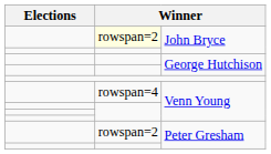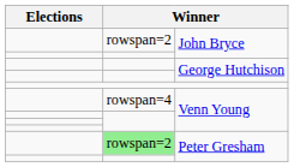 <table class=wikitable>
 <tr>
 <th width=100>Elections</th>
 <th width=175 colspan= 2>Winner</th>
 </tr>
 <tr>
 <td></td>
-<td style="background: lightyellow;">rowspan=2 </td>
+<td>rowspan=2 </td>
 <td rowspan=2><a href='#'>John Bryce</a></td>
 </tr>
 <tr>
 <td></td>
 </tr>
 <tr>
 <td></td>
 <td></td>
 <td rowspan=2><a href='#'>George Hutchison</a></td>
 </tr>
 <tr>
 <td></td>
 <td></td>
 </tr>
 <tr>
 <td colspan=3 align=center></td>
 </tr>
 <tr>
 <td></td>
 <td>rowspan=4 </td>
 <td rowspan=4><a href='#'>Venn Young</a></td>
 </tr>
 <tr>
 <td></td>
 </tr>
 <tr>
 <td></td>
 </tr>
 <tr>
 <td></td>
 </tr>
 <tr>
 <td></td>
-<td>rowspan=2 </td>
+<td style="background: lightgreen;">rowspan=2 </td>
 <td rowspan=2><a href='#'>Peter Gresham</a></td>
 </tr>
 <tr>
 <td></td>
 </tr>
 </table>
